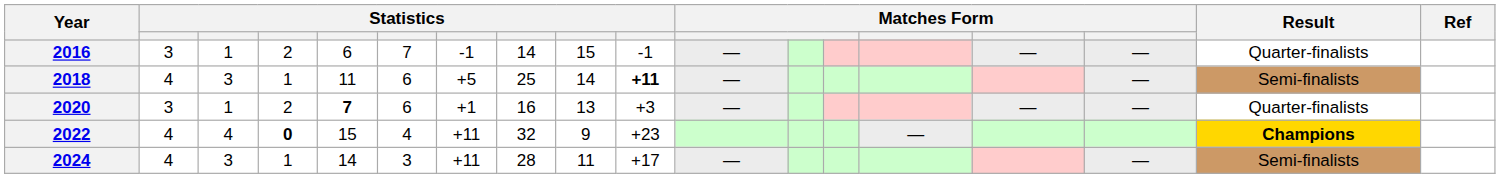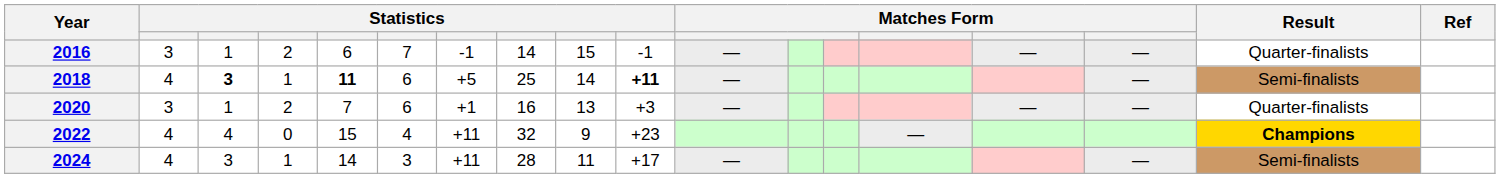 <table class="wikitable" style="text-align:center; font-size:90%; background:white;" width="100%">
 <tr>
 <th rowspan="2" width="9%">Year</th>
 <th colspan="9">Statistics</th>
 <th colspan="6" width="35%">Matches Form</th>
 <th rowspan="2" width="15%">Result</th>
 <th rowspan="2" width="5%">Ref</th>
 </tr>
 <tr>
 <th width="4%"></th>
 <th width="4%"></th>
 <th width="4%"></th>
 <th width="4%"></th>
 <th width="4%"></th>
 <th width="4%"></th>
 <th width="4%"></th>
 <th width="4%"></th>
 <th width="4%"></th>
 <th colspan="3"></th>
 <th></th>
 <th></th>
 <th></th>
 </tr>
 <tr>
 <th><a href='#'>2016</a> </th>
 <td>3</td>
 <td>1</td>
 <td>2</td>
 <td>6</td>
 <td>7</td>
 <td>-1</td>
 <td>14</td>
 <td>15</td>
 <td>-1</td>
 <td style=background:#ECECEC>—</td>
 <td style=background:#CCFFCC><br></td>
 <td style=background:#FFCCCC><br></td>
 <td style=background:#FFCCCC><br></td>
 <td style=background:#ECECEC>—</td>
 <td style=background:#ECECEC>—</td>
 <td>Quarter-finalists</td>
 <td></td>
 </tr>
 <tr>
 <th><a href='#'>2018</a> </th>
 <td>4</td>
-<td>3</td>
+<td><strong>3</strong></td>
 <td>1</td>
-<td>11</td>
+<td><strong>11</strong></td>
 <td>6</td>
 <td>+5</td>
 <td>25</td>
 <td>14</td>
 <td><strong>+11</strong></td>
 <td style=background:#ECECEC>—</td>
 <td style=background:#CCFFCC><br></td>
 <td style=background:#CCFFCC><br></td>
 <td style=background:#CCFFCC><br></td>
 <td style=background:#FFCCCC><br></td>
 <td style=background:#ECECEC>—</td>
 <td style=background:#CC9966> Semi-finalists</td>
 <td></td>
 </tr>
 <tr>
 <th><a href='#'>2020</a> </th>
 <td>3</td>
 <td>1</td>
 <td>2</td>
-<td><strong>7</strong></td>
+<td>7</td>
 <td>6</td>
 <td>+1</td>
 <td>16</td>
 <td>13</td>
 <td>+3</td>
 <td style=background:#ECECEC>—</td>
 <td style=background:#CCFFCC><br></td>
 <td style=background:#FFCCCC><br></td>
 <td style=background:#FFCCCC><br></td>
 <td style=background:#ECECEC>—</td>
 <td style=background:#ECECEC>—</td>
 <td>Quarter-finalists</td>
 <td></td>
 </tr>
 <tr>
 <th><a href='#'>2022</a> </th>
 <td>4</td>
 <td>4</td>
-<td><strong>0</strong></td>
+<td>0</td>
 <td>15</td>
 <td>4</td>
 <td>+11</td>
 <td>32</td>
 <td>9</td>
 <td>+23</td>
 <td style=background:#CCFFCC><br></td>
 <td style=background:#CCFFCC><br></td>
 <td style=background:#CCFFCC><br></td>
 <td style=background:#ECECEC>—</td>
 <td style=background:#CCFFCC><br></td>
 <td style=background:#CCFFCC><br></td>
 <td style=background:#FFD700> <strong>Champions</strong></td>
 <td></td>
 </tr>
 <tr>
 <th><a href='#'>2024</a> </th>
 <td>4</td>
 <td>3</td>
 <td>1</td>
 <td>14</td>
 <td>3</td>
 <td>+11</td>
 <td>28</td>
 <td>11</td>
 <td>+17</td>
 <td style=background:#ECECEC>—</td>
 <td style=background:#CCFFCC><br></td>
 <td style=background:#CCFFCC><br></td>
 <td style=background:#CCFFCC><br></td>
 <td style=background:#FFCCCC><br></td>
 <td style=background:#ECECEC>—</td>
 <td style=background:#CC9966> Semi-finalists</td>
 <td></td>
 </tr>
 </table>
